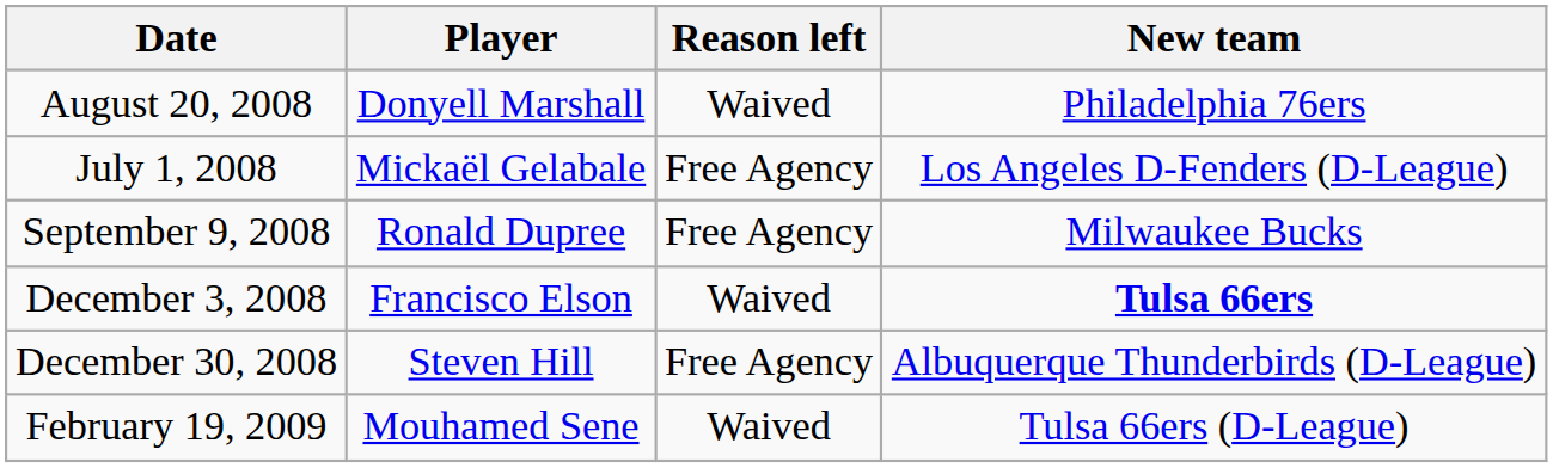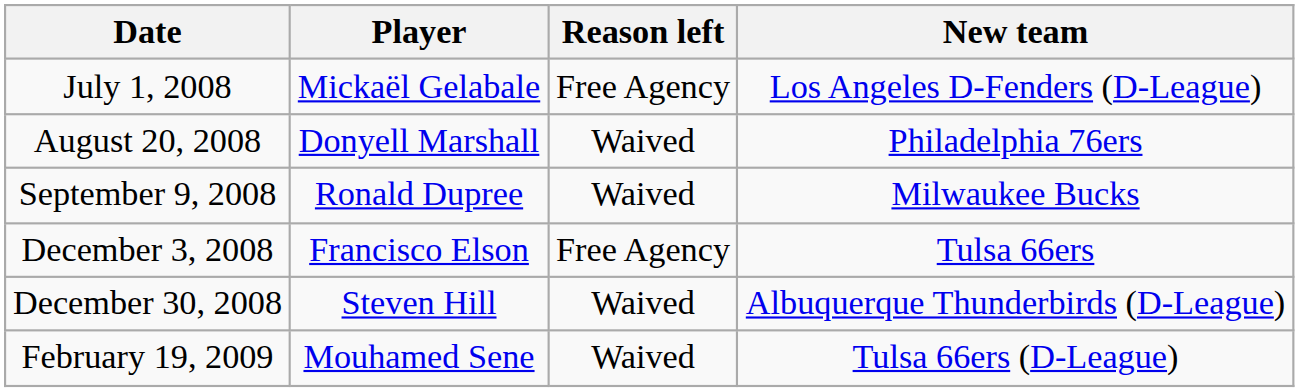 <table class="wikitable sortable sortable" style="text-align: center">
 <tr>
 <th>Date</th>
 <th>Player</th>
 <th>Reason left</th>
 <th>New team</th>
 </tr>
 <tr style="text-align: center">
+<td>July 1, 2008</td>
+<td><a href='#'>Mickaël Gelabale</a></td>
+<td>Free Agency</td>
+<td><a href='#'>Los Angeles D-Fenders</a> (<a href='#'>D-League</a>)</td>
+</tr>
+<tr style="text-align: center">
 <td>August 20, 2008</td>
 <td><a href='#'>Donyell Marshall</a></td>
 <td>Waived</td>
 <td><a href='#'>Philadelphia 76ers</a></td>
 </tr>
 <tr style="text-align: center">
-<td>July 1, 2008</td>
-<td><a href='#'>Mickaël Gelabale</a></td>
-<td>Free Agency</td>
-<td><a href='#'>Los Angeles D-Fenders</a> (<a href='#'>D-League</a>)</td>
-</tr>
-<tr style="text-align: center">
 <td>September 9, 2008</td>
 <td><a href='#'>Ronald Dupree</a></td>
-<td>Free Agency</td>
+<td>Waived</td>
 <td><a href='#'>Milwaukee Bucks</a></td>
 </tr>
 <tr style="text-align: center">
 <td>December 3, 2008</td>
 <td><a href='#'>Francisco Elson</a></td>
-<td>Waived</td>
-<td><strong><a href='#'>Tulsa 66ers</a></strong></td>
+<td>Free Agency</td>
+<td><a href='#'>Tulsa 66ers</a></td>
 </tr>
 <tr style="text-align: center">
 <td>December 30, 2008</td>
 <td><a href='#'>Steven Hill</a></td>
-<td>Free Agency</td>
+<td>Waived</td>
 <td><a href='#'>Albuquerque Thunderbirds</a> (<a href='#'>D-League</a>)</td>
 </tr>
 <tr style="text-align: center">
 <td>February 19, 2009</td>
 <td><a href='#'>Mouhamed Sene</a></td>
 <td>Waived</td>
 <td><a href='#'>Tulsa 66ers</a> (<a href='#'>D-League</a>)</td>
 </tr>
 </table>
